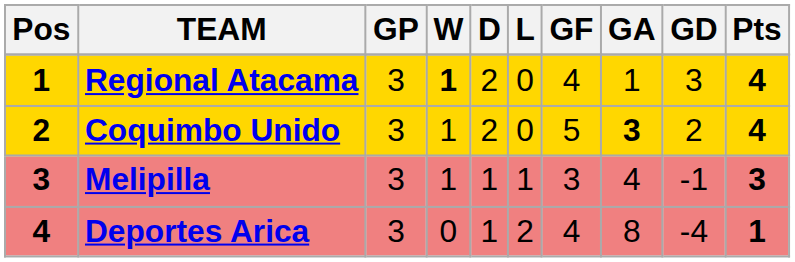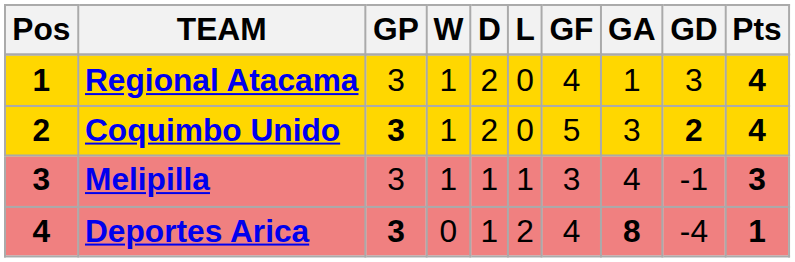 <table class="wikitable sortable">
 <tr>
 <th>Pos</th>
 <th>TEAM</th>
 <th>GP</th>
 <th>W</th>
 <th>D</th>
 <th>L</th>
 <th>GF</th>
 <th>GA</th>
 <th>GD</th>
 <th>Pts</th>
 </tr>
 <tr align=center>
 </tr>
 <tr align=center style="background:#ffd700;">
 <td><strong>1</strong></td>
 <td align=left><strong><a href='#'>Regional Atacama</a></strong></td>
 <td>3</td>
-<td><strong>1</strong></td>
+<td>1</td>
 <td>2</td>
 <td>0</td>
 <td>4</td>
 <td>1</td>
 <td>3</td>
 <td><strong>4</strong></td>
 </tr>
 <tr align=center style="background:#ffd700;">
 <td><strong>2</strong></td>
 <td align=left><strong><a href='#'>Coquimbo Unido</a></strong></td>
-<td>3</td>
+<td><strong>3</strong></td>
 <td>1</td>
 <td>2</td>
 <td>0</td>
 <td>5</td>
-<td><strong>3</strong></td>
-<td>2</td>
+<td>3</td>
+<td><strong>2</strong></td>
 <td><strong>4</strong></td>
 </tr>
 <tr align=center style="background:#F08080;">
 <td><strong>3</strong></td>
 <td align=left><strong><a href='#'>Melipilla</a></strong></td>
 <td>3</td>
 <td>1</td>
 <td>1</td>
 <td>1</td>
 <td>3</td>
 <td>4</td>
 <td>-1</td>
 <td><strong>3</strong></td>
 </tr>
 <tr align=center style="background:#F08080;">
 <td><strong>4</strong></td>
 <td align=left><strong><a href='#'>Deportes Arica</a></strong></td>
-<td>3</td>
+<td><strong>3</strong></td>
 <td>0</td>
 <td>1</td>
 <td>2</td>
 <td>4</td>
-<td>8</td>
+<td><strong>8</strong></td>
 <td>-4</td>
 <td><strong>1</strong></td>
 </tr>
 </table>
